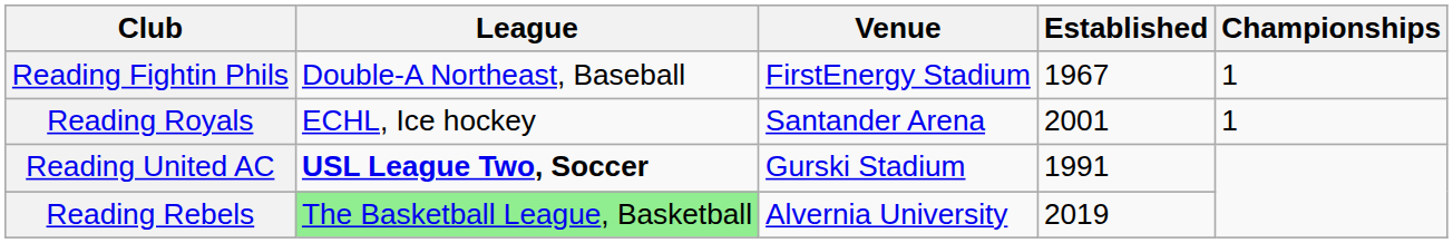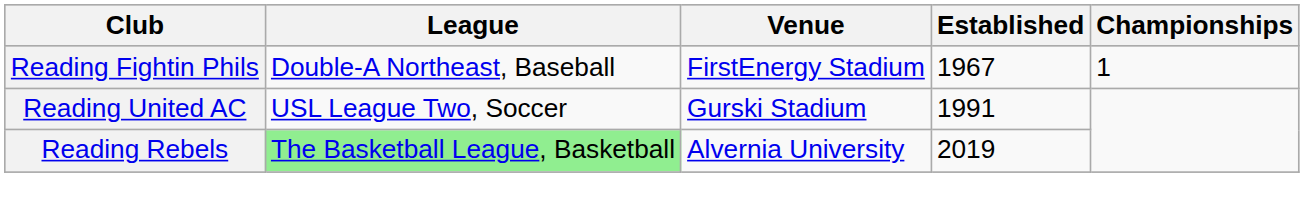 <table class="wikitable">
 <tr>
 <th scope="col">Club</th>
 <th scope="col">League</th>
 <th scope="col">Venue</th>
 <th scope="col">Established</th>
 <th scope="col">Championships</th>
 </tr>
 <tr>
 <th scope="row" style="font-weight: normal;"><a href='#'>Reading Fightin Phils</a></th>
 <td><a href='#'>Double-A Northeast</a>, Baseball</td>
 <td><a href='#'>FirstEnergy Stadium</a></td>
 <td>1967</td>
 <td>1</td>
 </tr>
 <tr>
-<th scope="row" style="font-weight: normal;"><a href='#'>Reading Royals</a></th>
-<td><a href='#'>ECHL</a>, Ice hockey</td>
-<td><a href='#'>Santander Arena</a></td>
-<td>2001</td>
-<td>1</td>
-</tr>
-<tr>
 <th scope="row" style="font-weight: normal;"><a href='#'>Reading United AC</a></th>
-<td><strong><a href='#'>USL League Two</a>, Soccer</strong></td>
+<td><a href='#'>USL League Two</a>, Soccer</td>
 <td><a href='#'>Gurski Stadium</a></td>
 <td>1991</td>
 </tr>
 <tr>
 <th scope="row" style="font-weight: normal;”"><a href='#'>Reading Rebels</a></th>
 <td style="background: lightgreen;"><a href='#'>The Basketball League</a>, Basketball</td>
 <td><a href='#'>Alvernia University</a></td>
 <td>2019</td>
 </tr>
 </table>
